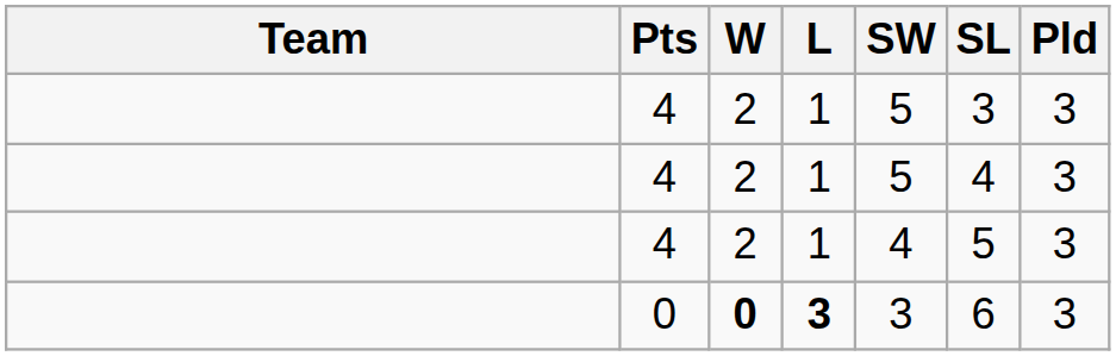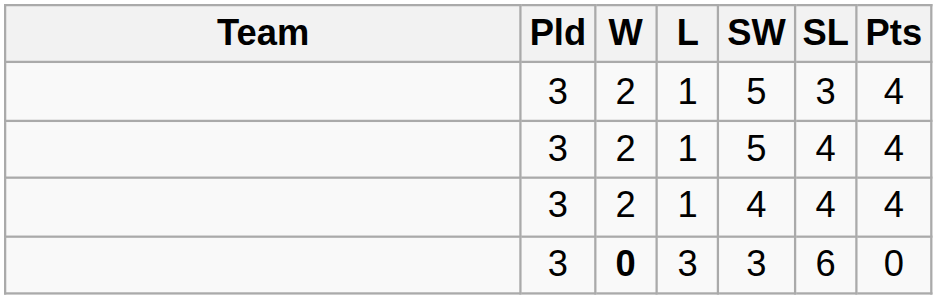 <table class=wikitable style="text-align:center">
 <tr>
 <th width=220>Team</th>
-<th width=20>Pts</th>
+<th width=20>Pld</th>
 <th width=20>W</th>
 <th width=20>L</th>
 <th width=20>SW</th>
 <th width=20>SL</th>
-<th width=20>Pld</th>
+<th width=20>Pts</th>
 </tr>
 <tr>
 <td align=left></td>
-<td>4</td>
+<td>3</td>
 <td>2</td>
 <td>1</td>
 <td>5</td>
 <td>3</td>
-<td>3</td>
+<td>4</td>
 </tr>
 <tr>
 <td align=left></td>
-<td>4</td>
+<td>3</td>
 <td>2</td>
 <td>1</td>
 <td>5</td>
 <td>4</td>
-<td>3</td>
+<td>4</td>
 </tr>
 <tr>
 <td align=left></td>
-<td>4</td>
+<td>3</td>
 <td>2</td>
 <td>1</td>
 <td>4</td>
-<td>5</td>
-<td>3</td>
+<td>4</td>
+<td>4</td>
 </tr>
 <tr>
 <td align=left></td>
-<td>0</td>
+<td>3</td>
 <td><strong>0</strong></td>
-<td><strong>3</strong></td>
+<td>3</td>
 <td>3</td>
 <td>6</td>
-<td>3</td>
+<td>0</td>
 </tr>
 </table>
